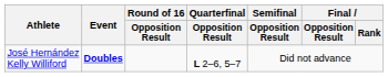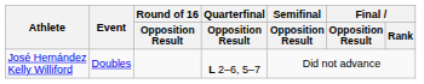 <table class=wikitable style=font-size:90%;text-align:center>
 <tr>
 <th rowspan=2>Athlete</th>
 <th rowspan=2>Event</th>
 <th>Round of 16</th>
 <th>Quarterfinal</th>
 <th>Semifinal</th>
 <th colspan=2>Final / </th>
 </tr>
 <tr style=font-size:95%>
 <th>Opposition<br>Result</th>
 <th>Opposition<br>Result</th>
 <th>Opposition<br>Result</th>
 <th>Opposition<br>Result</th>
 <th>Rank</th>
 </tr>
 <tr>
 <td align=left><a href='#'>José Hernández</a><br><a href='#'>Kelly Williford</a></td>
-<td align=left><strong><a href='#'>Doubles</a></strong></td>
+<td align=left><a href='#'>Doubles</a></td>
 <td></td>
 <td><br><strong>L</strong> 2–6, 5–7</td>
 <td colspan=3>Did not advance</td>
 </tr>
 </table>
